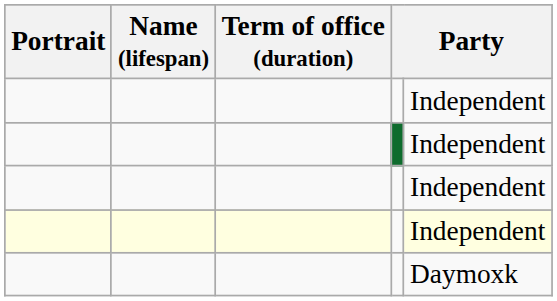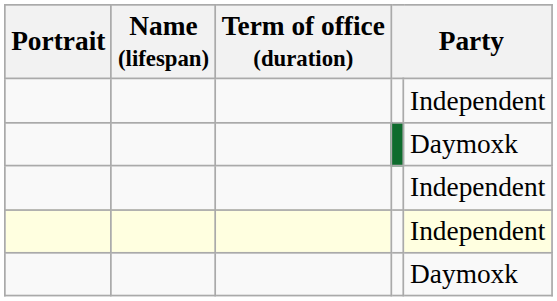 <table class="wikitable">
 <tr>
 <th>Portrait</th>
 <th>Name<br><small>(lifespan)</small></th>
 <th>Term of office<br><small>(duration)</small></th>
 <th colspan=2>Party</th>
 </tr>
 <tr>
 <td></td>
 <td></td>
 <td></td>
 <td style="background-color:"></td>
 <td>Independent</td>
 </tr>
 <tr>
 <td></td>
 <td></td>
 <td></td>
 <td style="background-color:#0E6C2D"></td>
-<td>Independent</td>
+<td>Daymoxk</td>
 </tr>
 <tr>
 <td></td>
 <td></td>
 <td></td>
 <td style="background-color:"></td>
 <td>Independent</td>
 </tr>
 <tr>
 <td style="background:#FFFFE0"></td>
 <td style="background:#FFFFE0"></td>
 <td style="background:#FFFFE0"></td>
 <td style="background-color:"></td>
 <td style="background:#FFFFE0">Independent</td>
 </tr>
 <tr>
 <td></td>
 <td></td>
 <td></td>
 <td style="background-color:"></td>
 <td>Daymoxk</td>
 </tr>
 </table>
